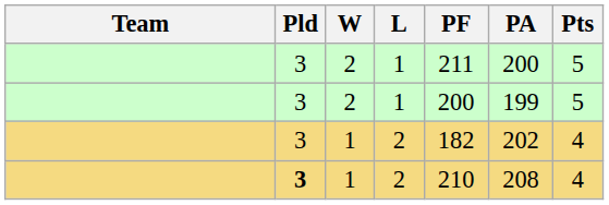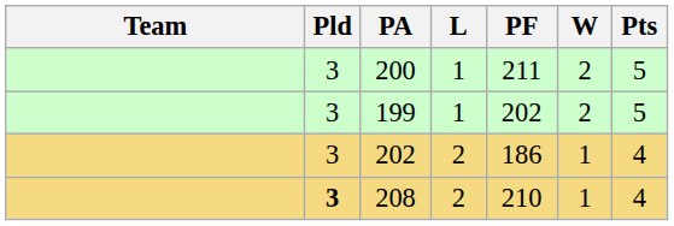 <table class="wikitable" style="text-align:center;">
 <tr>
 <th width=170>Team</th>
 <th width=25>Pld</th>
-<th width=25>W</th>
+<th width=35>PA</th>
 <th width=25>L</th>
 <th width=35>PF</th>
-<th width=35>PA</th>
+<th width=25>W</th>
 <th width=25>Pts</th>
 </tr>
 <tr bgcolor=#ccffcc>
 <td align="left"></td>
 <td>3</td>
-<td>2</td>
+<td>200</td>
 <td>1</td>
 <td>211</td>
-<td>200</td>
+<td>2</td>
 <td>5</td>
 </tr>
 <tr bgcolor=#ccffcc>
 <td align="left"></td>
 <td>3</td>
+<td>199</td>
+<td>1</td>
+<td>202</td>
 <td>2</td>
-<td>1</td>
-<td>200</td>
-<td>199</td>
 <td>5</td>
 </tr>
 <tr bgcolor=#F5DA81>
 <td align="left"></td>
 <td>3</td>
+<td>202</td>
+<td>2</td>
+<td>186</td>
 <td>1</td>
-<td>2</td>
-<td>182</td>
-<td>202</td>
 <td>4</td>
 </tr>
 <tr bgcolor=#F5DA81>
 <td align="left"></td>
 <td><strong>3</strong></td>
-<td>1</td>
+<td>208</td>
 <td>2</td>
 <td>210</td>
-<td>208</td>
+<td>1</td>
 <td>4</td>
 </tr>
 </table>
